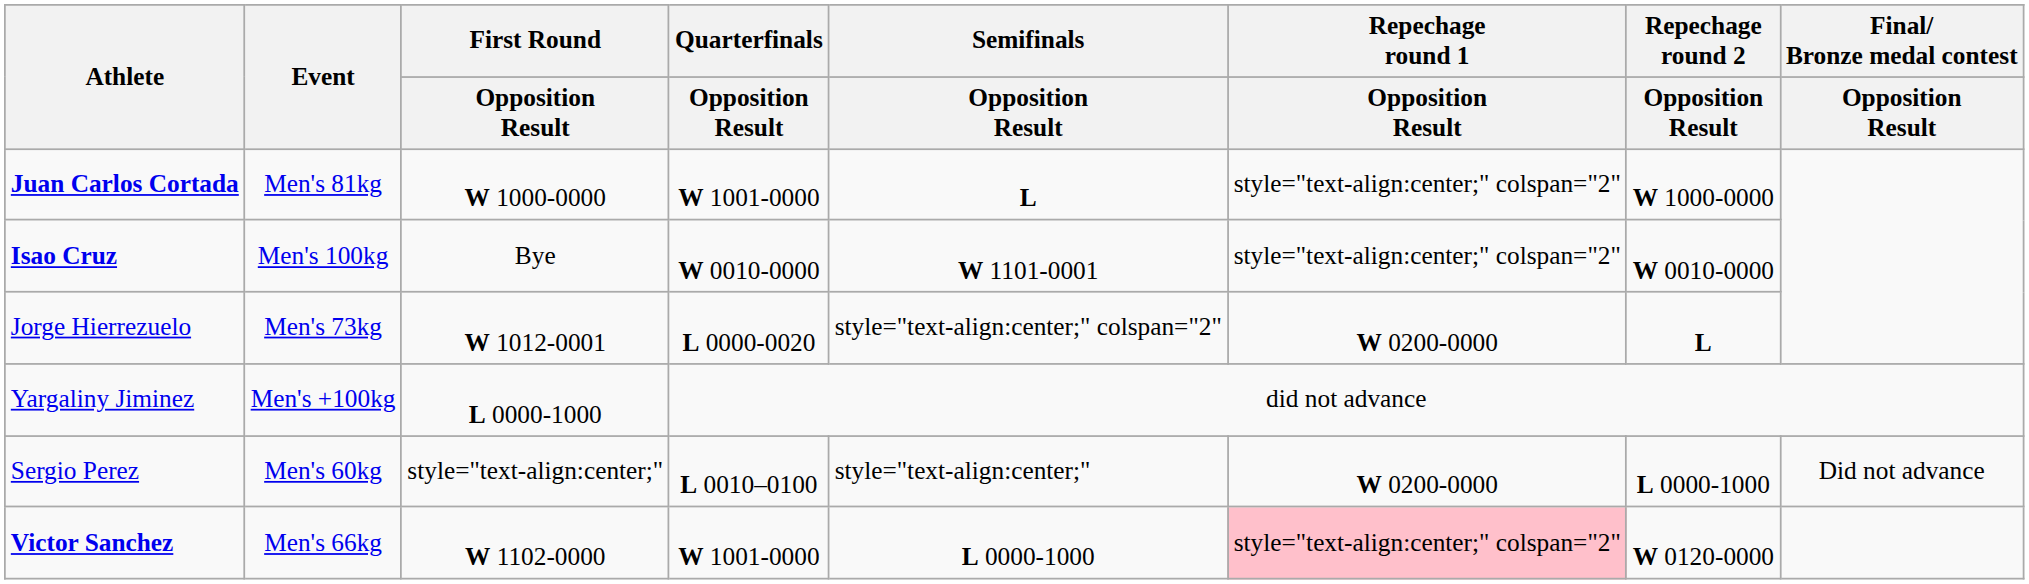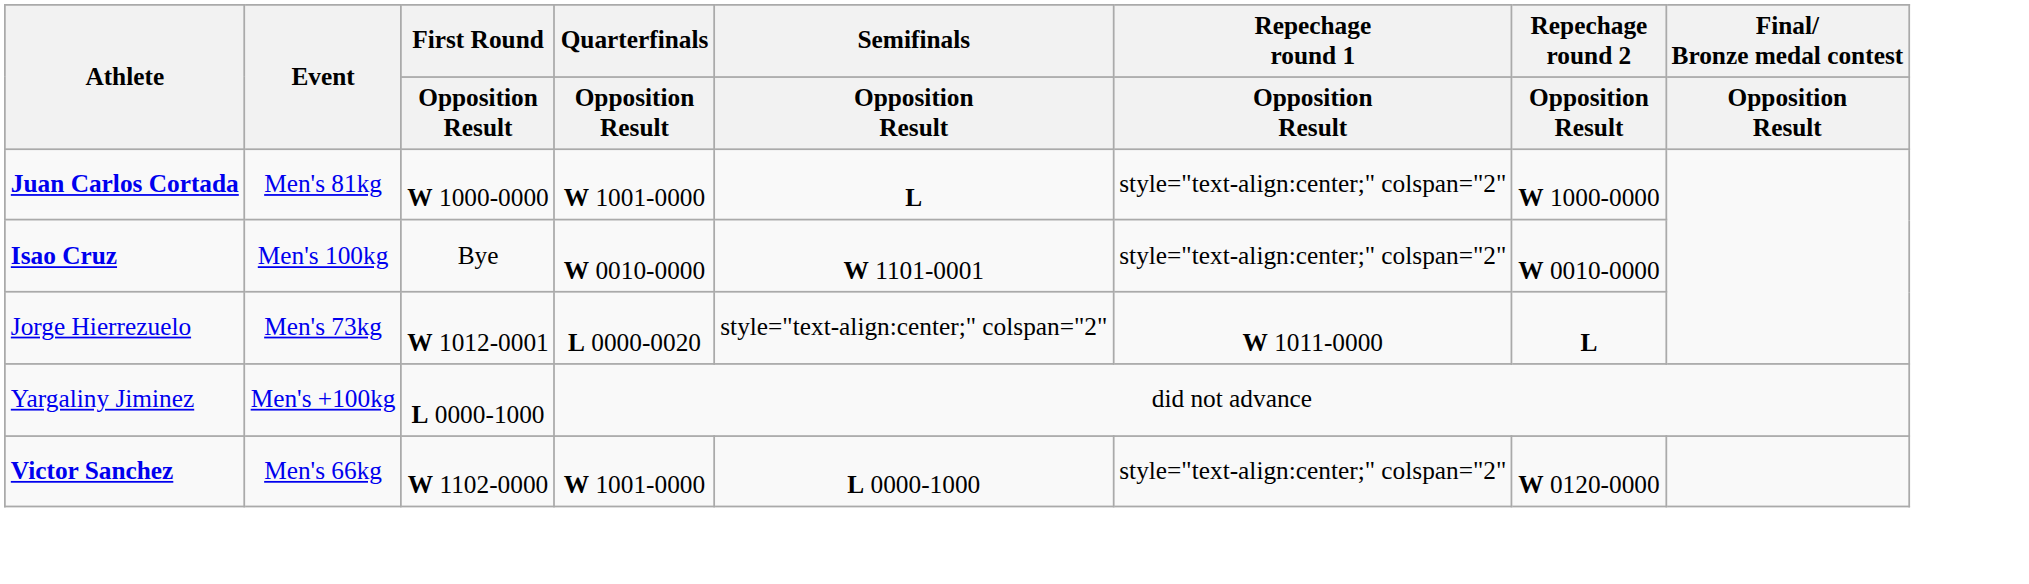 <table class=wikitable style="font-size:90%">
 <tr>
 <th rowspan="2">Athlete</th>
 <th rowspan="2">Event</th>
 <th>First Round</th>
 <th>Quarterfinals</th>
 <th>Semifinals</th>
 <th>Repechage <br>round 1</th>
 <th>Repechage <br>round 2</th>
 <th>Final/<br>Bronze medal contest</th>
 </tr>
 <tr>
 <th>Opposition<br>Result</th>
 <th>Opposition<br>Result</th>
 <th>Opposition<br>Result</th>
 <th>Opposition<br>Result</th>
 <th>Opposition<br>Result</th>
 <th>Opposition<br>Result</th>
 </tr>
 <tr>
 <td><strong><a href='#'>Juan Carlos Cortada</a></strong></td>
 <td style="text-align:center;"><a href='#'>Men's 81kg</a></td>
 <td style="text-align:center;"><br> <strong>W</strong> 1000-0000</td>
 <td style="text-align:center;"><br> <strong>W</strong> 1001-0000</td>
 <td style="text-align:center;"><br> <strong>L</strong> </td>
 <td>style="text-align:center;" colspan="2" </td>
 <td style="text-align:center;"><br> <strong>W</strong> 1000-0000 </td>
 </tr>
 <tr>
 <td><strong><a href='#'>Isao Cruz</a></strong></td>
 <td style="text-align:center;"><a href='#'>Men's 100kg</a></td>
 <td style="text-align:center;">Bye</td>
 <td style="text-align:center;"><br> <strong>W</strong> 0010-0000</td>
 <td style="text-align:center;"><br> <strong>W</strong> 1101-0001</td>
 <td>style="text-align:center;" colspan="2" </td>
 <td style="text-align:center;"><br> <strong>W</strong> 0010-0000 </td>
 </tr>
 <tr>
 <td><a href='#'>Jorge Hierrezuelo</a></td>
 <td style="text-align:center;"><a href='#'>Men's 73kg</a></td>
 <td style="text-align:center;"><br> <strong>W</strong> 1012-0001</td>
 <td style="text-align:center;"><br> <strong>L</strong> 0000-0020</td>
 <td>style="text-align:center;" colspan="2" </td>
-<td style="text-align:center;"><br> <strong>W</strong> 0200-0000</td>
+<td style="text-align:center;"><br> <strong>W</strong> 1011-0000</td>
 <td style="text-align:center;"><br> <strong>L</strong> </td>
 </tr>
 <tr>
 <td><a href='#'>Yargaliny Jiminez</a></td>
 <td style="text-align:center;"><a href='#'>Men's +100kg</a></td>
 <td style="text-align:center;"><br> <strong>L</strong> 0000-1000</td>
 <td style="text-align:center;" colspan="5">did not advance</td>
 </tr>
 <tr>
-<td><a href='#'>Sergio Perez</a></td>
-<td style="text-align:center;"><a href='#'>Men's 60kg</a></td>
-<td>style="text-align:center;" </td>
-<td style="text-align:center;"><br> <strong>L</strong> 0010–0100</td>
-<td>style="text-align:center;" </td>
-<td style="text-align:center;"><br> <strong>W</strong> 0200-0000</td>
-<td style="text-align:center;"><br> <strong>L</strong> 0000-1000</td>
-<td style="text-align:center;">Did not advance</td>
-</tr>
-<tr>
 <td><strong><a href='#'>Victor Sanchez</a></strong></td>
 <td style="text-align:center;"><a href='#'>Men's 66kg</a></td>
 <td style="text-align:center;"><br> <strong>W</strong> 1102-0000</td>
 <td style="text-align:center;"><br> <strong>W</strong> 1001-0000</td>
 <td style="text-align:center;"><br> <strong>L</strong> 0000-1000</td>
-<td style="background: pink;">style="text-align:center;" colspan="2" </td>
+<td>style="text-align:center;" colspan="2" </td>
 <td style="text-align:center;"><br> <strong>W</strong> 0120-0000 </td>
 </tr>
 </table>
